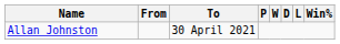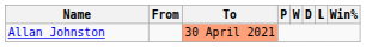 <table class="wikitable sortable" style="text-align: center">
 <tr>
 <th style="width:12em">Name</th>
 <th>From</th>
 <th>To</th>
 <th>P</th>
 <th>W</th>
 <th>D</th>
 <th>L</th>
 <th>Win%</th>
 </tr>
 <tr>
 <td align=left><a href='#'>Allan Johnston</a></td>
 <td></td>
-<td>30 April 2021<br></td>
+<td style="background: lightsalmon;">30 April 2021<br></td>
 </tr>
 </table>
